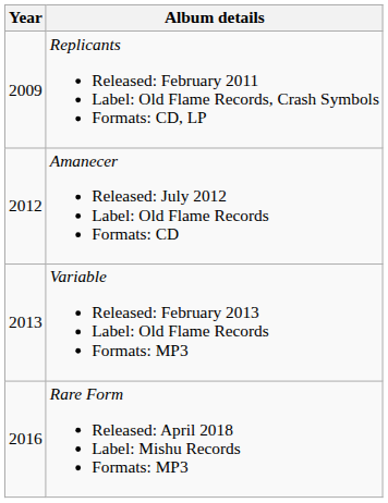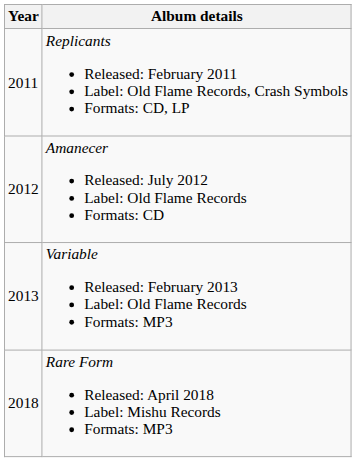 <table class="wikitable">
 <tr>
 <th>Year</th>
 <th>Album details</th>
 </tr>
 <tr>
-<td>2009</td>
+<td>2011</td>
 <td><em>Replicants</em><br><ul><li>Released: February 2011</li><li>Label: Old Flame Records, Crash Symbols</li><li>Formats: CD, LP</li></ul></td>
 </tr>
 <tr>
 <td>2012</td>
 <td><em>Amanecer</em><br><ul><li>Released: July 2012</li><li>Label: Old Flame Records</li><li>Formats: CD</li></ul></td>
 </tr>
 <tr>
 <td>2013</td>
 <td><em>Variable</em><br><ul><li>Released: February 2013</li><li>Label: Old Flame Records</li><li>Formats: MP3</li></ul></td>
 </tr>
 <tr>
-<td>2016</td>
+<td>2018</td>
 <td><em>Rare Form</em><br><ul><li>Released: April 2018</li><li>Label: Mishu Records</li><li>Formats: MP3</li></ul></td>
 </tr>
 </table>
